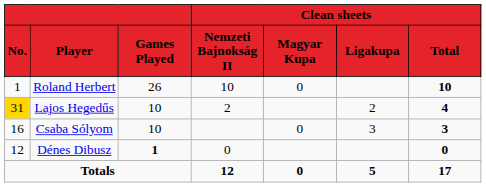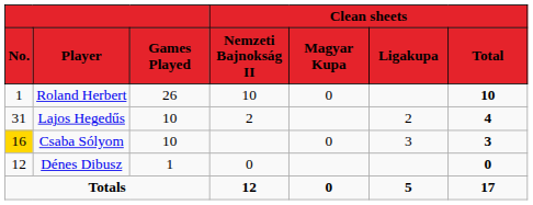 <table class="wikitable sortable alternance" style="text-align:center">
 <tr>
 <th colspan="3" style="background:#E5232B;border:1px solid black"></th>
 <th colspan="4" style="background:#E5232B;color:black;border:1px solid black">Clean sheets</th>
 </tr>
 <tr>
 <th style="background-color:#E5232B;color:black;;border:1px solid black">No.</th>
 <th style="background-color:#E5232B;color:black;border:1px solid black">Player</th>
 <th width=80 style="background-color:#E5232B;color:black;border:1px solid black">Games Played</th>
 <th width=80 style="background-color:#E5232B;color:black;border:1px solid black">Nemzeti Bajnokság II</th>
 <th width=80 style="background-color:#E5232B;color:black;border:1px solid black">Magyar Kupa</th>
 <th width=80 style="background-color:#E5232B;color:black;border:1px solid black">Ligakupa</th>
 <th width=80 style="background-color:#E5232B;color:black;border:1px solid black">Total</th>
 </tr>
 <tr>
 <td>1</td>
 <td> <a href='#'>Roland Herbert</a></td>
 <td>26</td>
 <td>10</td>
 <td>0</td>
 <td></td>
 <td><strong>10</strong></td>
 </tr>
 <tr>
-<td style="background: gold;">31</td>
+<td>31</td>
 <td> <a href='#'>Lajos Hegedűs</a></td>
 <td>10</td>
 <td>2</td>
 <td></td>
 <td>2</td>
 <td><strong>4</strong></td>
 </tr>
 <tr>
-<td>16</td>
+<td style="background: gold;">16</td>
 <td> <a href='#'>Csaba Sólyom</a></td>
 <td>10</td>
 <td></td>
 <td>0</td>
 <td>3</td>
 <td><strong>3</strong></td>
 </tr>
 <tr>
 <td>12</td>
 <td> <a href='#'>Dénes Dibusz</a></td>
-<td><strong>1</strong></td>
+<td>1</td>
 <td>0</td>
 <td></td>
 <td></td>
 <td><strong>0</strong></td>
 </tr>
 <tr class="sortbottom">
 <td colspan="3"><strong>Totals</strong></td>
 <td><strong>12</strong></td>
 <td><strong>0</strong></td>
 <td><strong>5</strong></td>
 <td><strong>17</strong></td>
 </tr>
 </table>
